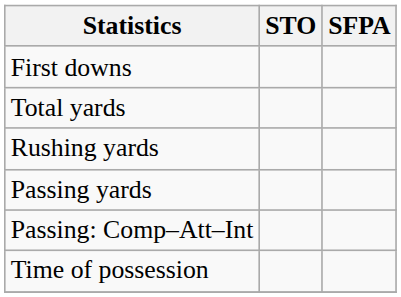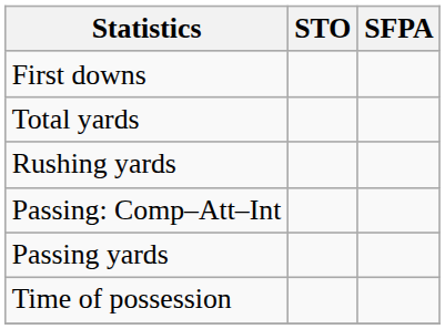 <table class="wikitable" style="float: left;">
 <tr>
 <th>Statistics</th>
 <th>STO</th>
 <th>SFPA</th>
 </tr>
 <tr>
 <td>First downs</td>
 <td></td>
 <td></td>
 </tr>
 <tr>
 <td>Total yards</td>
 <td></td>
 <td></td>
 </tr>
 <tr>
 <td>Rushing yards</td>
 <td></td>
 <td></td>
 </tr>
 <tr>
-<td>Passing yards</td>
+<td>Passing: Comp–Att–Int</td>
 <td></td>
 <td></td>
 </tr>
 <tr>
-<td>Passing: Comp–Att–Int</td>
+<td>Passing yards</td>
 <td></td>
 <td></td>
 </tr>
 <tr>
 <td>Time of possession</td>
 <td></td>
 <td></td>
 </tr>
 <tr>
 </tr>
 </table>
